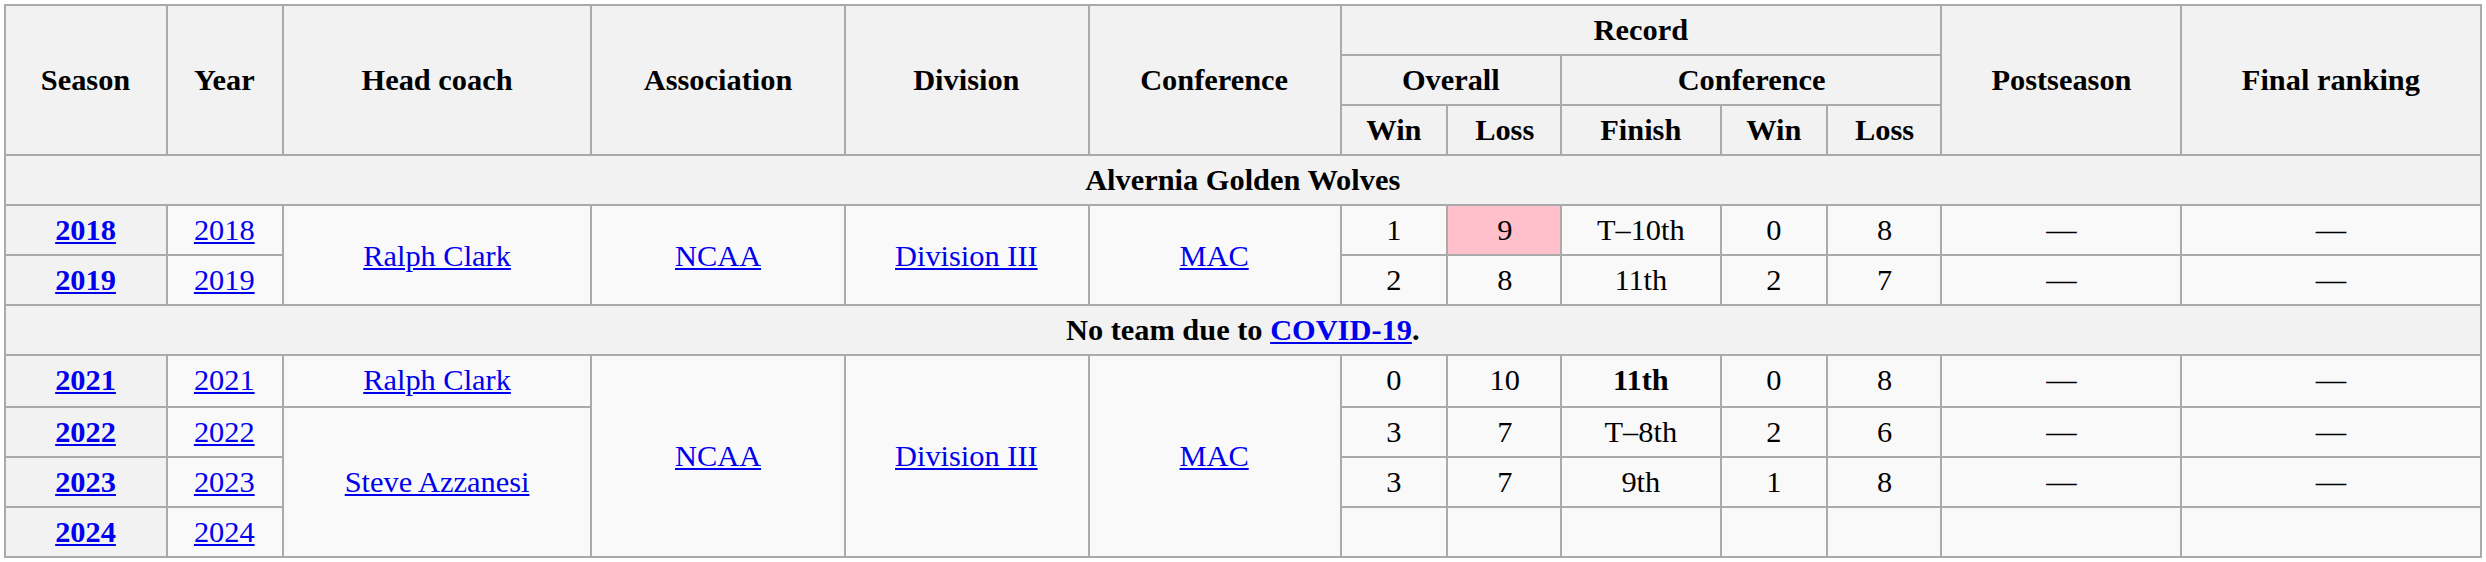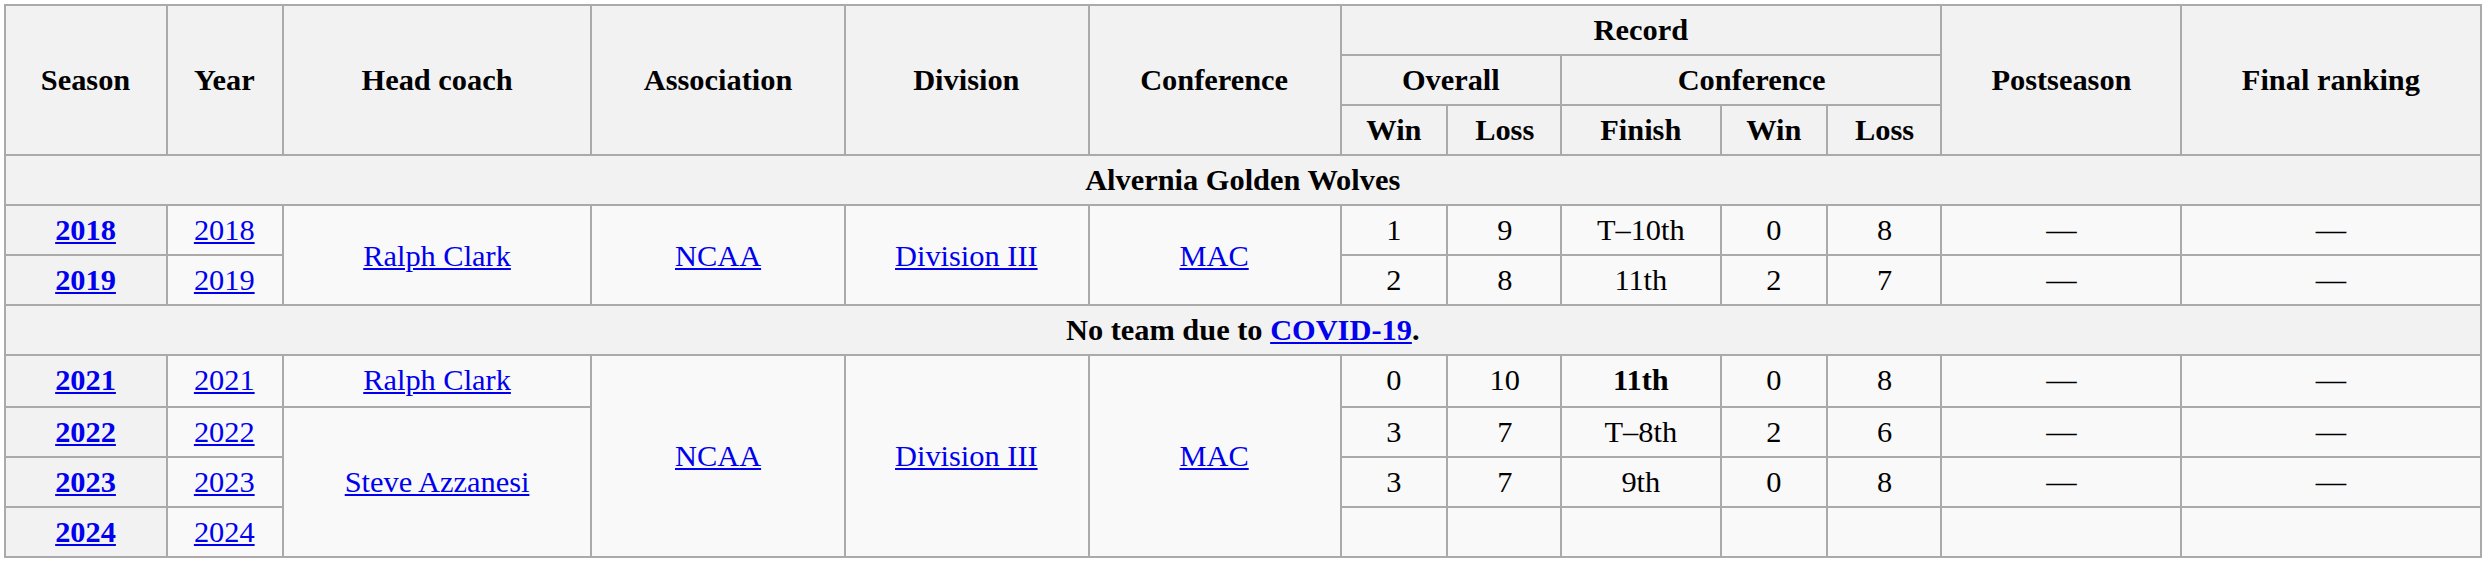 <table class="wikitable" style="font-size: 95%; width:98%;text-align:center;">
 <tr>
 <th rowspan="3">Season</th>
 <th rowspan="3">Year</th>
 <th rowspan="3">Head coach</th>
 <th rowspan="3">Association</th>
 <th rowspan="3">Division</th>
 <th rowspan="3">Conference</th>
 <th colspan="5">Record</th>
 <th rowspan="3">Postseason</th>
 <th rowspan="3">Final ranking</th>
 </tr>
 <tr>
 <th colspan="2">Overall</th>
 <th colspan="3">Conference</th>
 </tr>
 <tr>
 <th>Win</th>
 <th>Loss</th>
 <th>Finish</th>
 <th>Win</th>
 <th>Loss</th>
 </tr>
 <tr>
 <th colspan=15 style=>Alvernia Golden Wolves</th>
 </tr>
 <tr>
 <th><a href='#'>2018</a></th>
 <td><a href='#'>2018</a></td>
 <td rowspan="2"><a href='#'>Ralph Clark</a></td>
 <td rowspan="2"><a href='#'>NCAA</a></td>
 <td rowspan="2"><a href='#'>Division III</a></td>
 <td rowspan="2"><a href='#'>MAC</a></td>
 <td>1</td>
-<td style="background: pink;">9</td>
+<td>9</td>
 <td>T–10th</td>
 <td>0</td>
 <td>8</td>
 <td>—</td>
 <td>—</td>
 </tr>
 <tr>
 <th><a href='#'>2019</a></th>
 <td><a href='#'>2019</a></td>
 <td>2</td>
 <td>8</td>
 <td>11th</td>
 <td>2</td>
 <td>7</td>
 <td>—</td>
 <td>—</td>
 </tr>
 <tr>
 <th colspan=15 style=>No team due to <a href='#'>COVID-19</a>.</th>
 </tr>
 <tr>
 <th><a href='#'>2021</a></th>
 <td><a href='#'>2021</a></td>
 <td><a href='#'>Ralph Clark</a></td>
 <td rowspan="4"><a href='#'>NCAA</a></td>
 <td rowspan="4"><a href='#'>Division III</a></td>
 <td rowspan="4"><a href='#'>MAC</a></td>
 <td>0</td>
 <td>10</td>
 <td><strong>11th</strong></td>
 <td>0</td>
 <td>8</td>
 <td>—</td>
 <td>—</td>
 </tr>
 <tr>
 <th><a href='#'>2022</a></th>
 <td><a href='#'>2022</a></td>
 <td rowspan="3"><a href='#'>Steve Azzanesi</a></td>
 <td>3</td>
 <td>7</td>
 <td>T–8th</td>
 <td>2</td>
 <td>6</td>
 <td>—</td>
 <td>—</td>
 </tr>
 <tr>
 <th><a href='#'>2023</a></th>
 <td><a href='#'>2023</a></td>
 <td>3</td>
 <td>7</td>
 <td>9th</td>
-<td>1</td>
+<td>0</td>
 <td>8</td>
 <td>—</td>
 <td>—</td>
 </tr>
 <tr>
 <th><a href='#'>2024</a></th>
 <td><a href='#'>2024</a></td>
 <td></td>
 <td></td>
 <td></td>
 <td></td>
 <td></td>
 <td></td>
 <td></td>
 </tr>
 <tr>
 </tr>
 </table>
